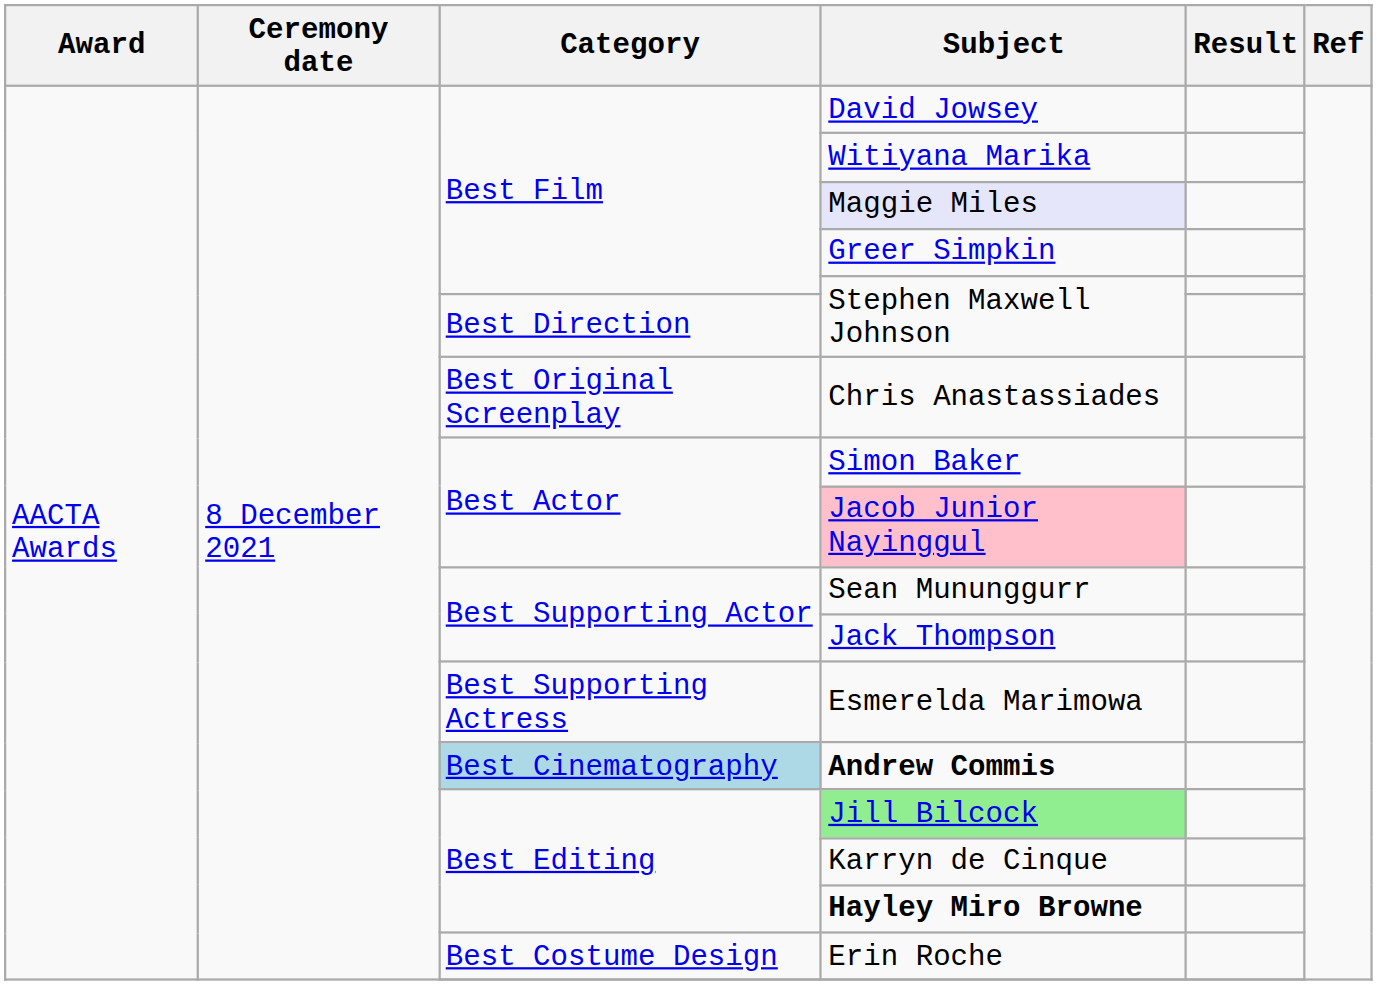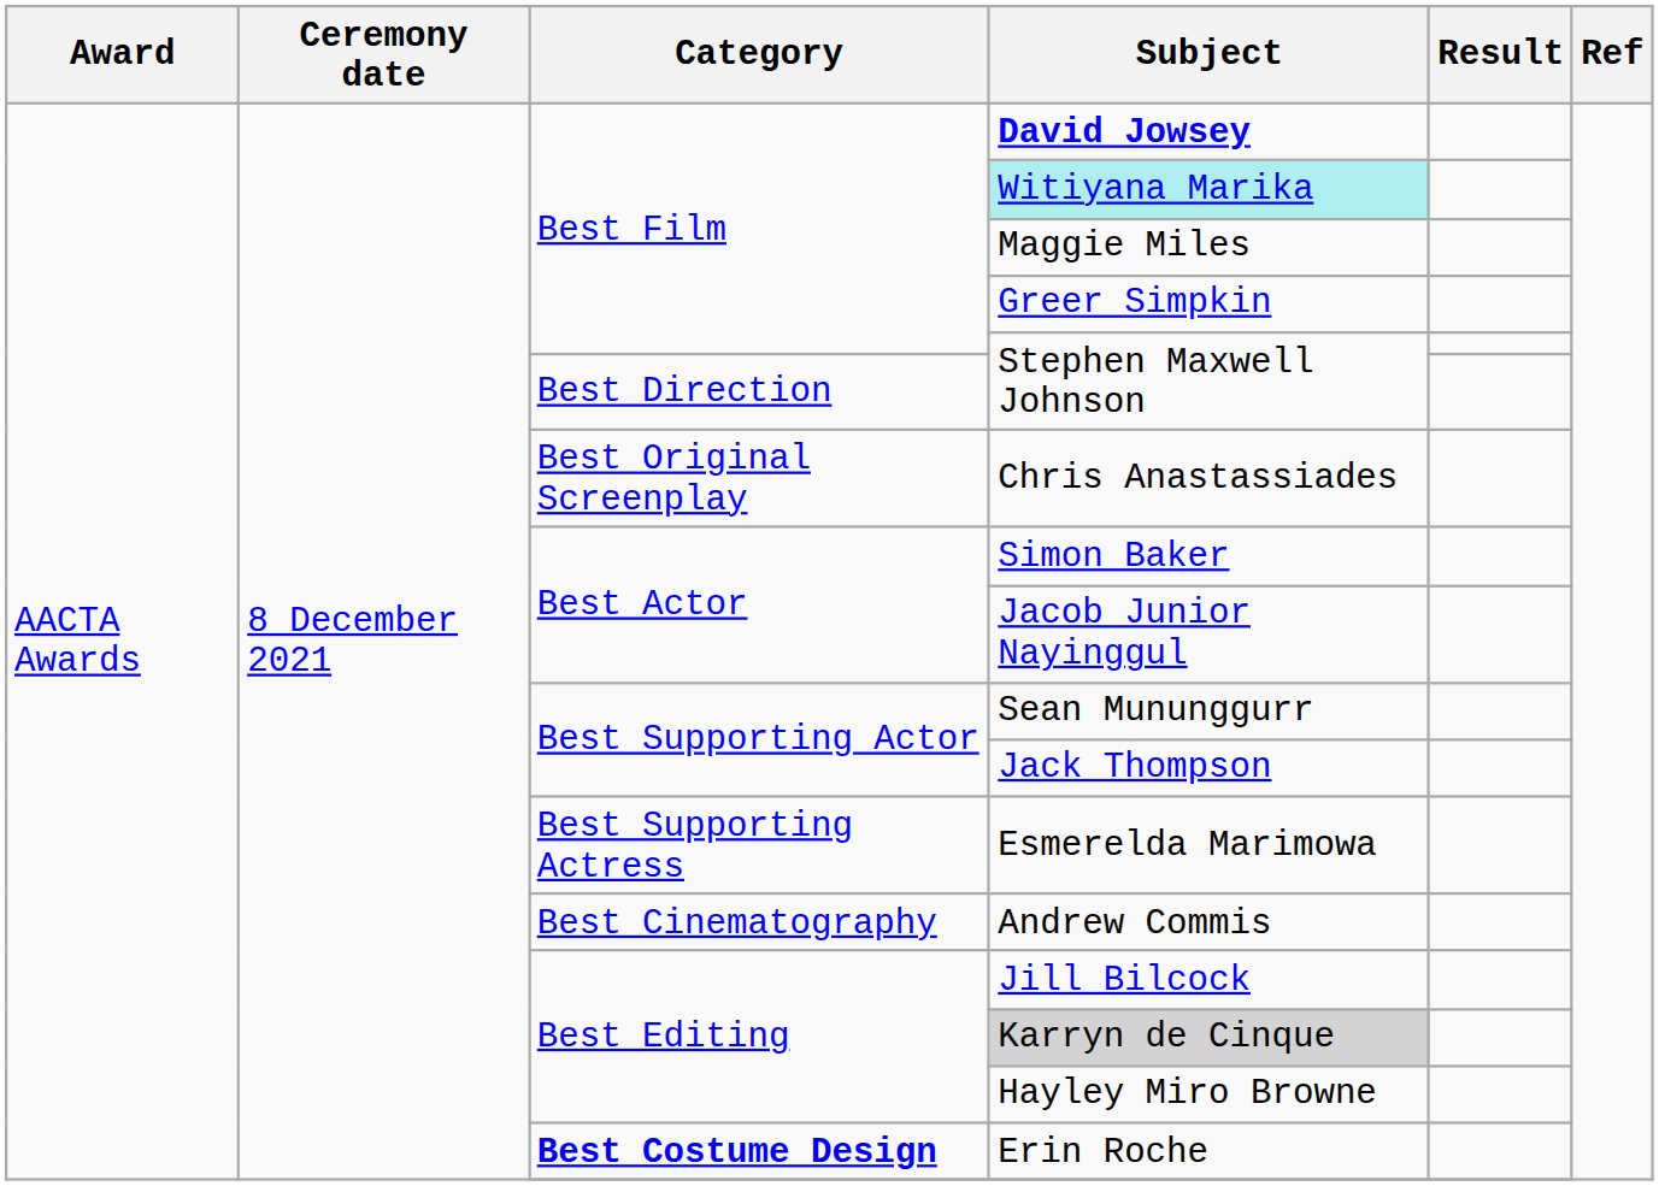 <table class="wikitable">
 <tr>
 <th>Award</th>
 <th>Ceremony<br>date</th>
 <th>Category</th>
 <th>Subject</th>
 <th>Result</th>
 <th>Ref</th>
 </tr>
 <tr>
 <td rowspan=18><a href='#'>AACTA Awards</a></td>
 <td rowspan=18><a href='#'>8 December 2021</a></td>
 <td rowspan=5><a href='#'>Best Film</a></td>
-<td><a href='#'>David Jowsey</a></td>
+<td><strong><a href='#'>David Jowsey</a></strong></td>
 <td></td>
 <td rowspan=18></td>
 </tr>
 <tr>
-<td><a href='#'>Witiyana Marika</a></td>
+<td style="background: paleturquoise;"><a href='#'>Witiyana Marika</a></td>
 <td></td>
 </tr>
 <tr>
-<td style="background: lavender;">Maggie Miles</td>
+<td>Maggie Miles</td>
 <td></td>
 </tr>
 <tr>
 <td><a href='#'>Greer Simpkin</a></td>
 <td></td>
 </tr>
 <tr>
 <td rowspan=2>Stephen Maxwell Johnson</td>
 <td></td>
 </tr>
 <tr>
 <td><a href='#'>Best Direction</a></td>
 <td></td>
 </tr>
 <tr>
 <td><a href='#'>Best Original Screenplay</a></td>
 <td>Chris Anastassiades</td>
 <td></td>
 </tr>
 <tr>
 <td rowspan=2><a href='#'>Best Actor</a></td>
 <td><a href='#'>Simon Baker</a></td>
 <td></td>
 </tr>
 <tr>
-<td style="background: pink;"><a href='#'>Jacob Junior Nayinggul</a></td>
+<td><a href='#'>Jacob Junior Nayinggul</a></td>
 <td></td>
 </tr>
 <tr>
 <td rowspan=2><a href='#'>Best Supporting Actor</a></td>
 <td>Sean Mununggurr</td>
 <td></td>
 </tr>
 <tr>
 <td><a href='#'>Jack Thompson</a></td>
 <td></td>
 </tr>
 <tr>
 <td><a href='#'>Best Supporting Actress</a></td>
 <td>Esmerelda Marimowa</td>
 <td></td>
 </tr>
 <tr>
-<td style="background: lightblue;"><a href='#'>Best Cinematography</a></td>
-<td><strong>Andrew Commis</strong></td>
+<td><a href='#'>Best Cinematography</a></td>
+<td>Andrew Commis</td>
 <td></td>
 </tr>
 <tr>
 <td rowspan=3><a href='#'>Best Editing</a></td>
-<td style="background: lightgreen;"><a href='#'>Jill Bilcock</a></td>
+<td><a href='#'>Jill Bilcock</a></td>
 <td></td>
 </tr>
 <tr>
-<td>Karryn de Cinque</td>
+<td style="background: lightgrey;">Karryn de Cinque</td>
 <td></td>
 </tr>
 <tr>
-<td><strong>Hayley Miro Browne</strong></td>
+<td>Hayley Miro Browne</td>
 <td></td>
 </tr>
 <tr>
-<td><a href='#'>Best Costume Design</a></td>
+<td><strong><a href='#'>Best Costume Design</a></strong></td>
 <td>Erin Roche</td>
 <td></td>
 </tr>
 <tr>
 </tr>
 </table>
